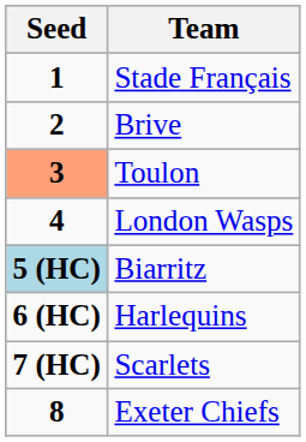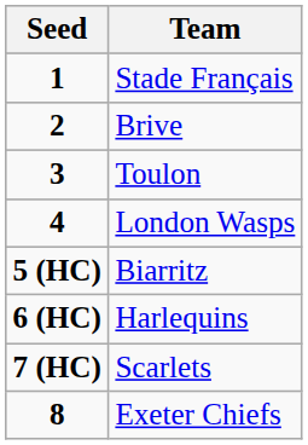 <table class="wikitable" style="text-align: center;">
 <tr>
 <th>Seed</th>
 <th>Team</th>
 </tr>
 <tr>
 <td><strong>1</strong></td>
 <td align=left> <a href='#'>Stade Français</a></td>
 </tr>
 <tr>
 <td><strong>2</strong></td>
 <td align=left> <a href='#'>Brive</a></td>
 </tr>
 <tr>
-<td style="background: lightsalmon;"><strong>3</strong></td>
+<td><strong>3</strong></td>
 <td align=left> <a href='#'>Toulon</a></td>
 </tr>
 <tr>
 <td><strong>4</strong></td>
 <td align=left> <a href='#'>London Wasps</a></td>
 </tr>
 <tr>
-<td style="background: lightblue;"><strong>5 (HC)</strong></td>
+<td><strong>5 (HC)</strong></td>
 <td align=left> <a href='#'>Biarritz</a></td>
 </tr>
 <tr>
 <td><strong>6 (HC)</strong></td>
 <td align=left> <a href='#'>Harlequins</a></td>
 </tr>
 <tr>
 <td><strong>7 (HC)</strong></td>
 <td align=left> <a href='#'>Scarlets</a></td>
 </tr>
 <tr>
 <td><strong>8</strong></td>
 <td align=left> <a href='#'>Exeter Chiefs</a></td>
 </tr>
 </table>
